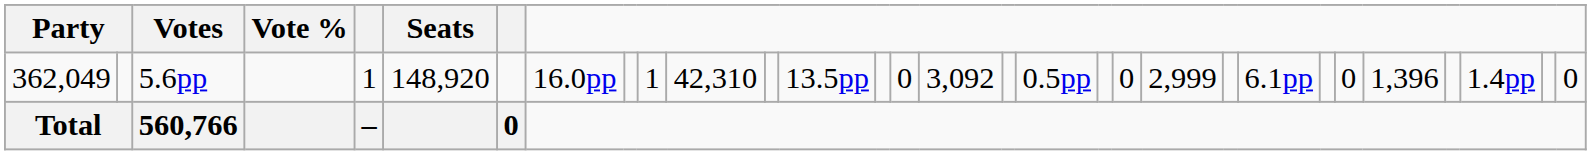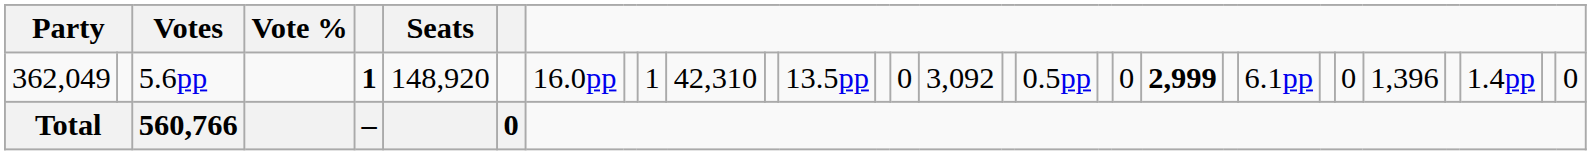 <table class=wikitable style="text-align:right;">
 <tr>
 <th colspan=2>Party</th>
 <th>Votes</th>
 <th>Vote %</th>
 <th></th>
 <th>Seats</th>
 <th></th>
 </tr>
 <tr>
 <td>362,049</td>
 <td style="text-align:center;"></td>
 <td style="text-align:left;"> 5.6<a href='#'>pp</a></td>
 <td style="text-align:center;"></td>
-<td style="text-align:left;"> 1<br></td>
+<td style="text-align:left;"><strong> 1<br></strong></td>
 <td>148,920</td>
 <td style="text-align:center;"></td>
 <td style="text-align:left;"> 16.0<a href='#'>pp</a></td>
 <td style="text-align:center;"></td>
 <td style="text-align:left;"> 1<br></td>
 <td>42,310</td>
 <td style="text-align:center;"></td>
 <td style="text-align:left;"> 13.5<a href='#'>pp</a></td>
 <td style="text-align:center;"></td>
 <td style="text-align:left;"> 0<br></td>
 <td>3,092</td>
 <td style="text-align:center;"></td>
 <td style="text-align:left;"> 0.5<a href='#'>pp</a></td>
 <td style="text-align:center;"></td>
 <td style="text-align:left;"> 0<br></td>
-<td>2,999</td>
+<td><strong>2,999</strong></td>
 <td style="text-align:center;"></td>
 <td style="text-align:left;"> 6.1<a href='#'>pp</a></td>
 <td style="text-align:center;"></td>
 <td style="text-align:left;"> 0<br></td>
 <td>1,396</td>
 <td style="text-align:center;"></td>
 <td style="text-align:left;"> 1.4<a href='#'>pp</a></td>
 <td style="text-align:center;"></td>
 <td style="text-align:left;"> 0</td>
 </tr>
 <tr>
 <th colspan="2">Total</th>
 <th>560,766</th>
 <th></th>
 <th>–</th>
 <th></th>
 <th style="text-align:left;"> 0</th>
 </tr>
 </table>
